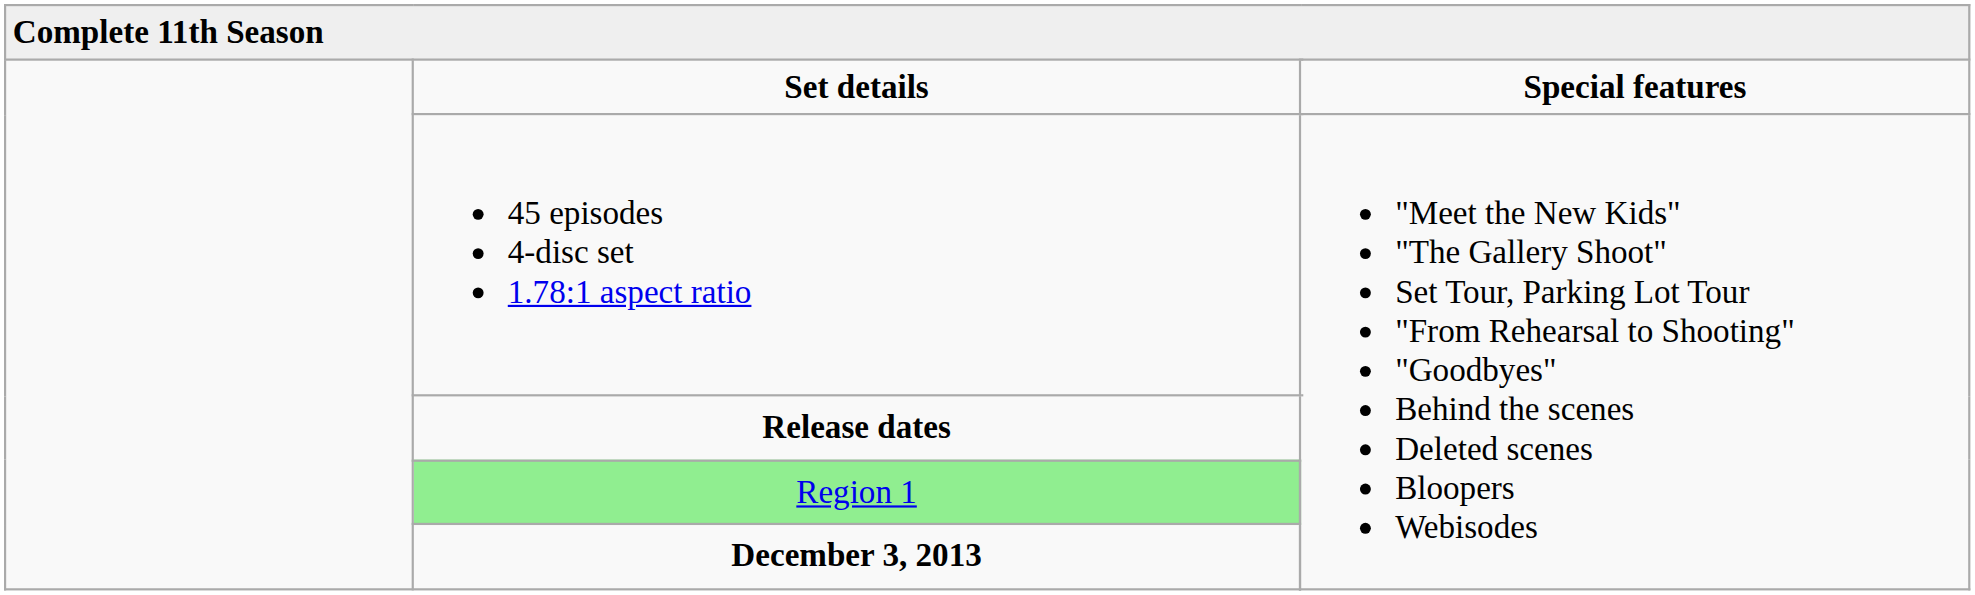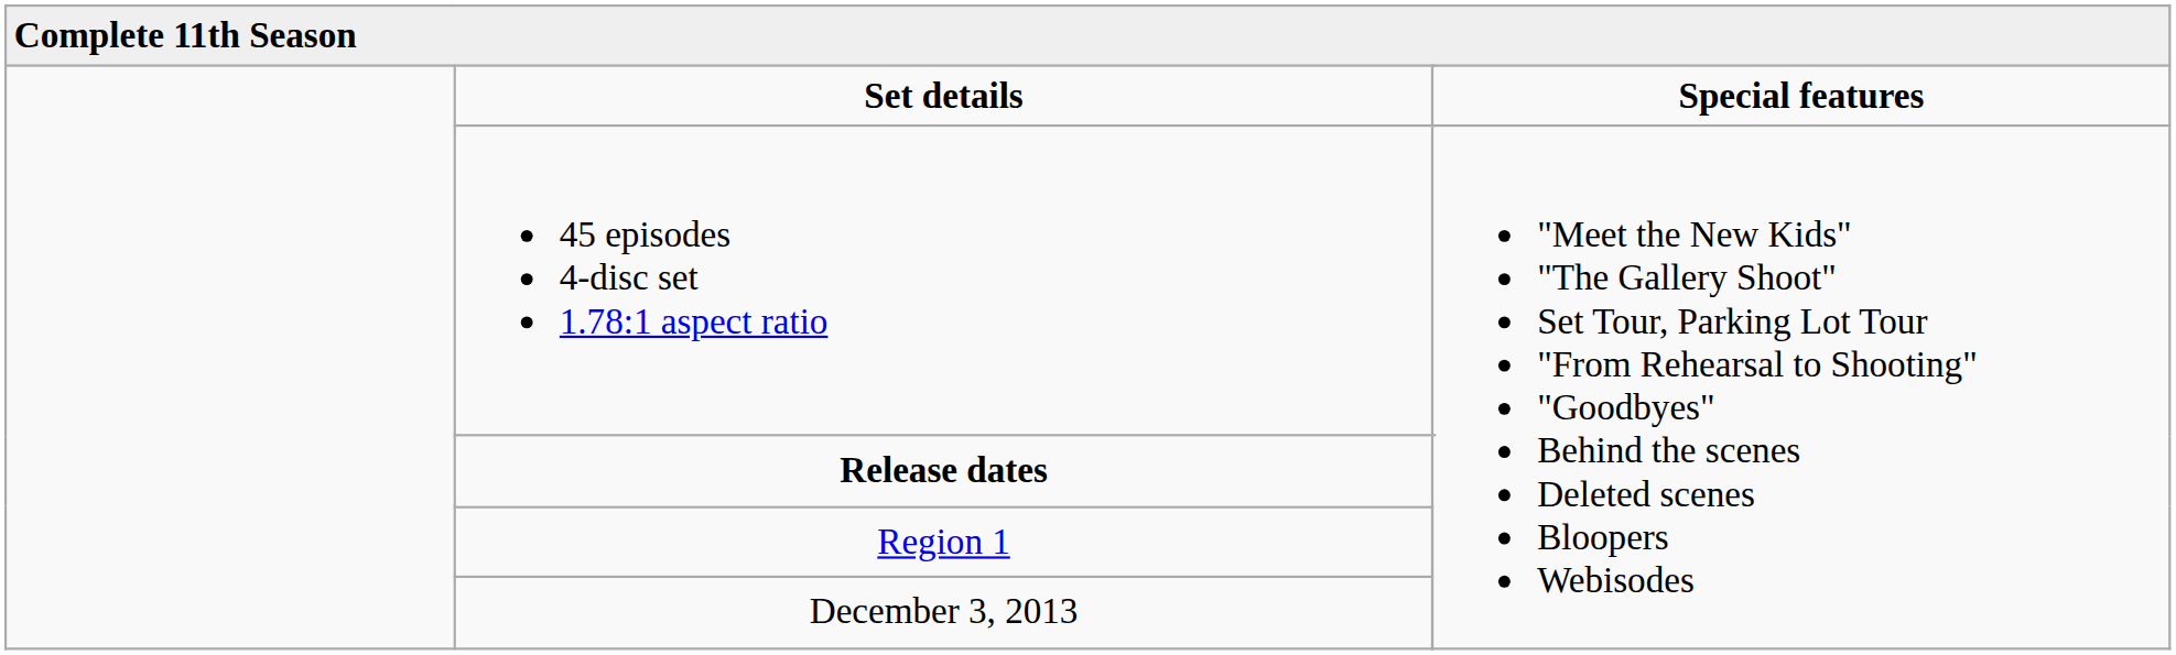 <table class="wikitable" style="font-size: 95%;">
 <tr style="background:#EFEFEF">
 <td colspan="5"><strong>Complete 11th Season</strong></td>
 </tr>
 <tr valign="top">
 <td rowspan="5" valign="center" align="center" width="180"></td>
 <td align="center" width="400" colspan="3"><strong>Set details</strong></td>
 <td width="300" align="center"><strong>Special features</strong></td>
 </tr>
 <tr valign="top">
 <td colspan="3" align="left" width="400"><br><ul><li>45 episodes</li><li>4-disc set</li><li><a href='#'>1.78:1 aspect ratio</a></li></ul></td>
 <td rowspan="4" align="left" width="300"><br><ul><li>"Meet the New Kids"</li><li>"The Gallery Shoot"</li><li>Set Tour, Parking Lot Tour</li><li>"From Rehearsal to Shooting"</li><li>"Goodbyes"</li><li>Behind the scenes</li><li>Deleted scenes</li><li>Bloopers</li><li>Webisodes</li></ul></td>
 </tr>
 <tr>
 <td colspan="3" align="center"><strong>Release dates</strong></td>
 </tr>
 <tr>
-<td align="center" style="background: lightgreen;"> <a href='#'>Region 1</a><br></td>
+<td align="center"> <a href='#'>Region 1</a><br></td>
 </tr>
 <tr>
-<td align="center"><strong>December 3, 2013<br></strong></td>
+<td align="center">December 3, 2013<br></td>
 </tr>
 </table>
